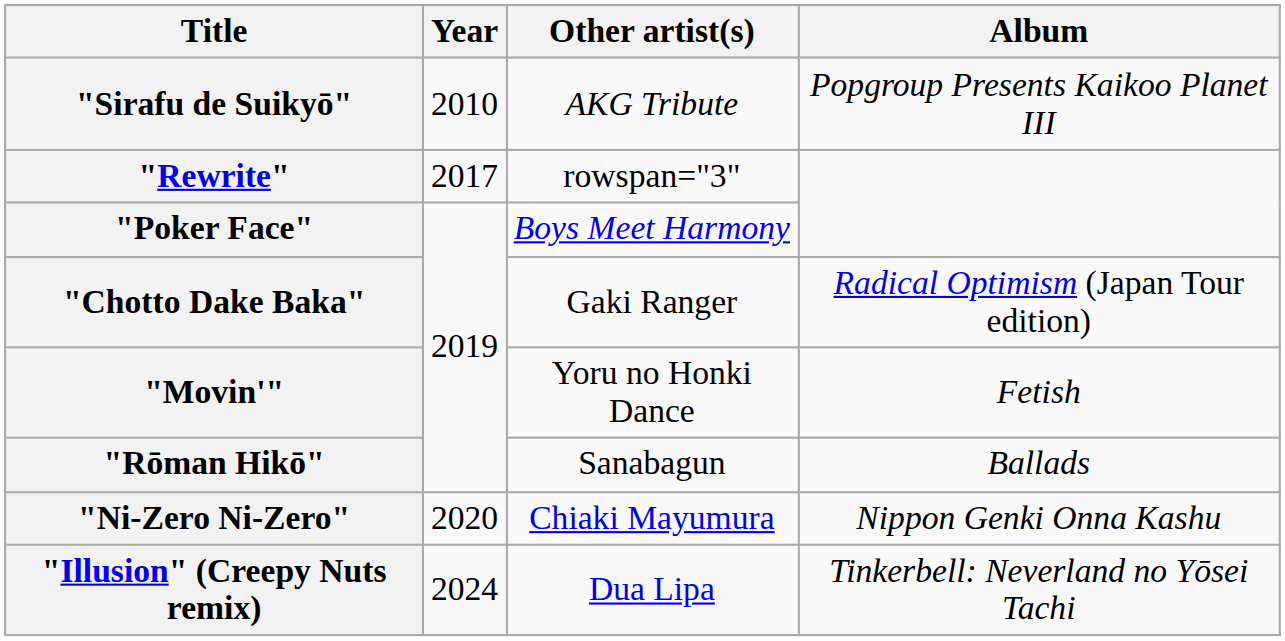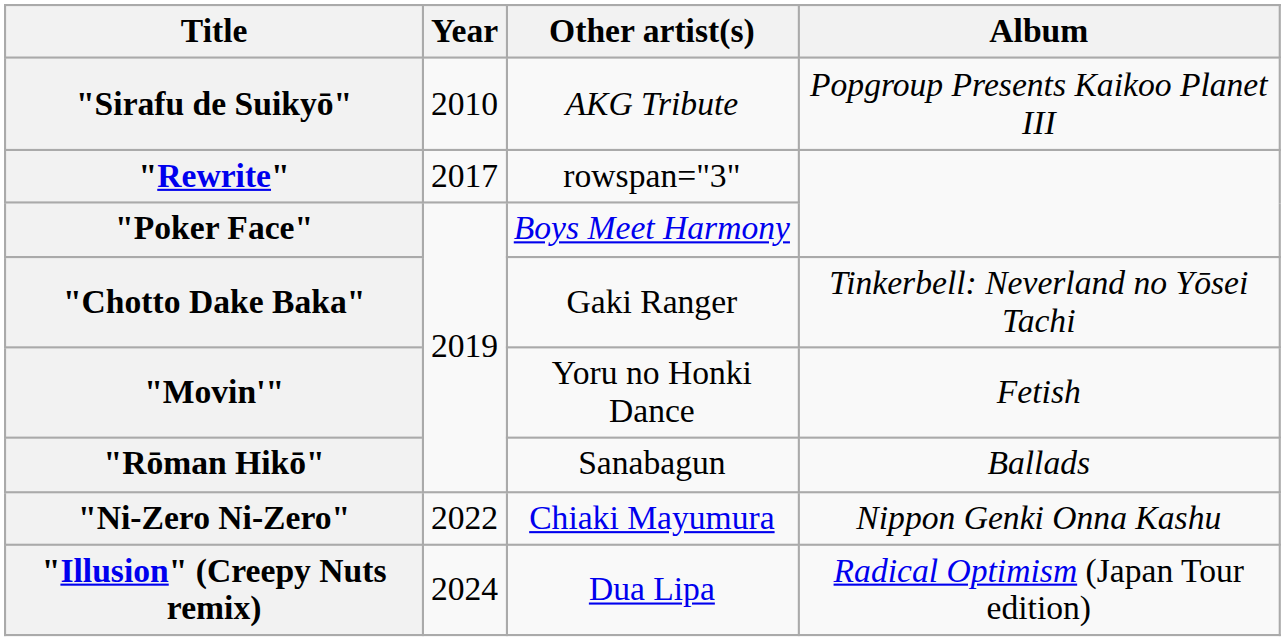 <table class="wikitable plainrowheaders" style="text-align:center;">
 <tr>
 <th scope="col">Title</th>
 <th scope="col">Year</th>
 <th scope="col">Other artist(s)</th>
 <th scope="col">Album</th>
 </tr>
 <tr>
 <th scope="row">"Sirafu de Suikyō"</th>
 <td>2010</td>
 <td><em>AKG Tribute</em></td>
 <td><em>Popgroup Presents Kaikoo Planet III</em></td>
 </tr>
 <tr>
 <th scope="row">"<a href='#'>Rewrite</a>"</th>
 <td>2017</td>
 <td>rowspan="3" </td>
 </tr>
 <tr>
 <th scope="row">"Poker Face"</th>
 <td rowspan="4">2019</td>
 <td><em><a href='#'>Boys Meet Harmony</a></em></td>
 </tr>
 <tr>
 <th scope="row">"Chotto Dake Baka"</th>
 <td>Gaki Ranger</td>
-<td><em><a href='#'>Radical Optimism</a></em> (Japan Tour edition)</td>
+<td><em>Tinkerbell: Neverland no Yōsei Tachi</em></td>
 </tr>
 <tr>
 <th scope="row">"Movin'"</th>
 <td>Yoru no Honki Dance</td>
 <td><em>Fetish</em></td>
 </tr>
 <tr>
 <th scope="row">"Rōman Hikō"</th>
 <td>Sanabagun</td>
 <td><em>Ballads</em></td>
 </tr>
 <tr>
 <th scope="row">"Ni-Zero Ni-Zero"</th>
-<td>2020</td>
+<td>2022</td>
 <td><a href='#'>Chiaki Mayumura</a></td>
 <td><em>Nippon Genki Onna Kashu</em></td>
 </tr>
 <tr>
 <th scope="row">"<a href='#'>Illusion</a>" (Creepy Nuts remix)</th>
 <td>2024</td>
 <td><a href='#'>Dua Lipa</a></td>
-<td><em>Tinkerbell: Neverland no Yōsei Tachi</em></td>
+<td><em><a href='#'>Radical Optimism</a></em> (Japan Tour edition)</td>
 </tr>
 </table>
